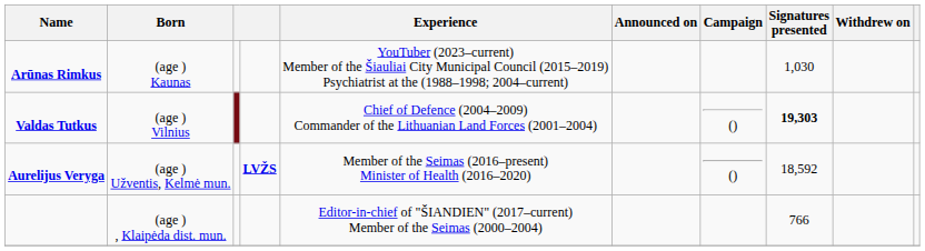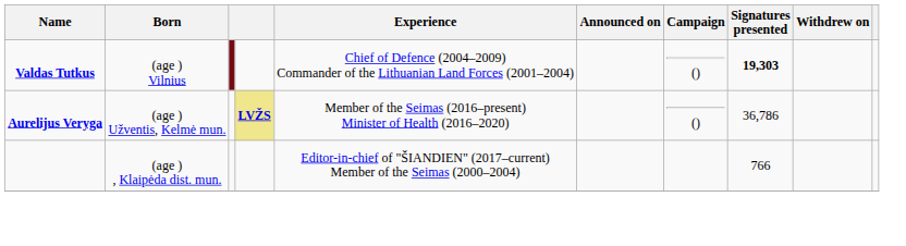 <table class="wikitable sortable" style="text-align:center;">
 <tr>
 <th colspan="col">Name</th>
 <th colspan="col">Born</th>
 <th colspan="2"></th>
 <th scope="col" class="unsortable">Experience</th>
 <th scope="col">Announced on</th>
 <th scope="col">Campaign</th>
 <th scope="col">Signatures<br>presented<br></th>
 <th scope="col">Withdrew on</th>
 <th></th>
-</tr>
-<tr>
-<td><br><strong><a href='#'>Arūnas Rimkus</a></strong> </td>
-<td><br>(age )<br><a href='#'>Kaunas</a></td>
-<td style="background-color:"></td>
-<td></td>
-<td><a href='#'>YouTuber</a> (2023–current)<br>Member of the <a href='#'>Šiauliai</a> City Municipal Council (2015–2019)<br>Psychiatrist at the  (1988–1998; 2004–current)</td>
-<td></td>
-<td></td>
-<td>1,030</td>
-<td></td>
-<td></td>
 </tr>
 <tr>
 <td><br><strong><a href='#'>Valdas Tutkus</a></strong></td>
 <td><br>(age )<br><a href='#'>Vilnius</a></td>
 <td style="background-color:#750A12;"></td>
 <td></td>
 <td><a href='#'>Chief of Defence</a> (2004–2009)<br>Commander of the <a href='#'>Lithuanian Land Forces</a> (2001–2004)</td>
 <td></td>
 <td><hr>()</td>
 <td><strong>19,303</strong></td>
 <td></td>
 <td></td>
 </tr>
 <tr>
 <td><br><strong><a href='#'>Aurelijus Veryga</a></strong></td>
 <td><br>(age )<br><a href='#'>Užventis</a>, <a href='#'>Kelmė mun.</a></td>
 <td style="background-color:"></td>
-<td><strong><a href='#'>LVŽS</a></strong></td>
+<td style="background: khaki;"><strong><a href='#'>LVŽS</a></strong></td>
 <td>Member of the <a href='#'>Seimas</a> (2016–present)<br><a href='#'>Minister of Health</a> (2016–2020)</td>
 <td></td>
 <td><hr>()</td>
-<td>18,592</td>
+<td>36,786</td>
 <td><br></td>
 <td></td>
 </tr>
 <tr>
 <td><br><strong></strong></td>
 <td><br>(age )<br>, <a href='#'>Klaipėda dist. mun.</a></td>
 <td style="background-color:"></td>
 <td></td>
 <td><a href='#'>Editor-in-chief</a> of "ŠIANDIEN" (2017–current)<br>Member of the <a href='#'>Seimas</a> (2000–2004)</td>
 <td></td>
 <td></td>
 <td>766</td>
 <td></td>
 <td></td>
 </tr>
 <tr>
 </tr>
 </table>
